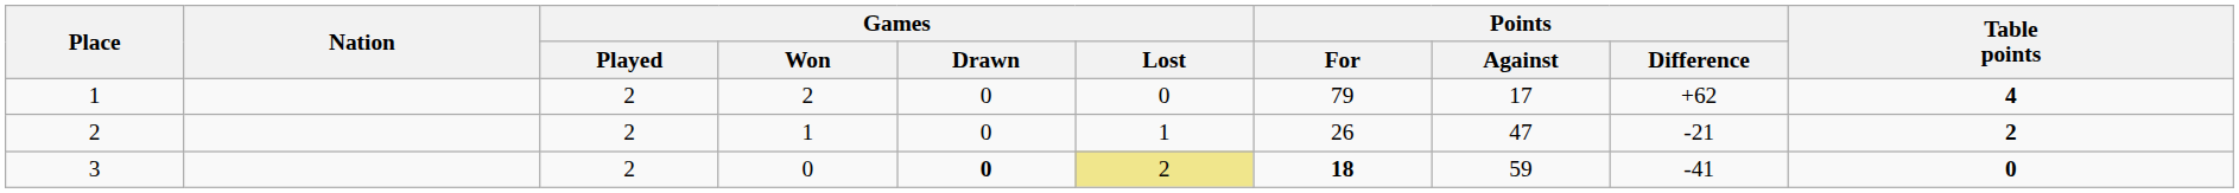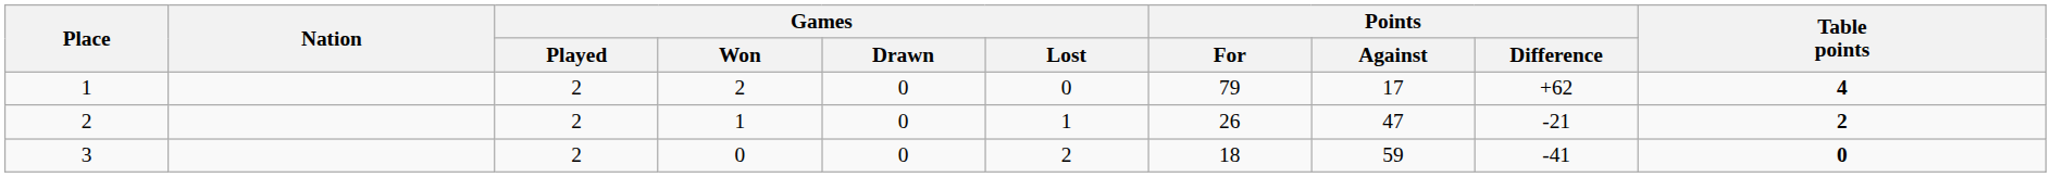 <table class="wikitable" width="98%">
 <tr>
 <th rowspan=2 width="8%">Place</th>
 <th rowspan=2 width="16%">Nation</th>
 <th colspan=4 width="32%">Games</th>
 <th colspan=3 width="24%">Points</th>
 <th rowspan=2 width="20%">Table<br>points</th>
 </tr>
 <tr>
 <th width="8%">Played</th>
 <th width="8%">Won</th>
 <th width="8%">Drawn</th>
 <th width="8%">Lost</th>
 <th width="8%">For</th>
 <th width="8%">Against</th>
 <th width="8%">Difference</th>
 </tr>
 <tr align=center>
 <td>1</td>
 <td align=left></td>
 <td>2</td>
 <td>2</td>
 <td>0</td>
 <td>0</td>
 <td>79</td>
 <td>17</td>
 <td>+62</td>
 <td><strong>4</strong></td>
 </tr>
 <tr align=center>
 <td>2</td>
 <td align=left></td>
 <td>2</td>
 <td>1</td>
 <td>0</td>
 <td>1</td>
 <td>26</td>
 <td>47</td>
 <td>-21</td>
 <td><strong>2</strong></td>
 </tr>
 <tr align=center>
 <td>3</td>
 <td align=left></td>
 <td>2</td>
 <td>0</td>
-<td><strong>0</strong></td>
-<td style="background: khaki;">2</td>
-<td><strong>18</strong></td>
+<td>0</td>
+<td>2</td>
+<td>18</td>
 <td>59</td>
 <td>-41</td>
 <td><strong>0</strong></td>
 </tr>
 </table>
